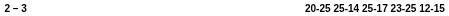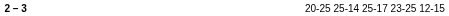 <table width=100% cellspacing=1>
 <tr>
 <th width=20%></th>
 <th width=12%></th>
 <th width=20%></th>
 <th width=33%></th>
 <td></td>
 </tr>
 <tr style=font-size:90%>
 <td align=right></td>
 <td align=center><strong>2 – 3</strong></td>
 <td></td>
-<td><strong>20-25 25-14 25-17 23-25 12-15</strong></td>
+<td>20-25 25-14 25-17 23-25 12-15</td>
 </tr>
 </table>
